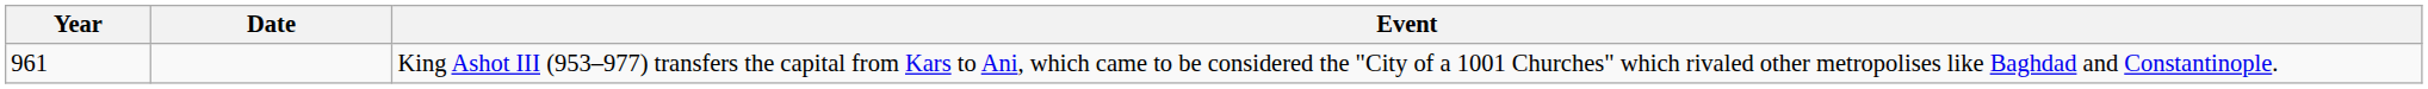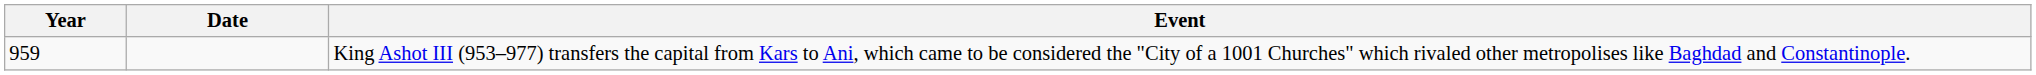 <table class="wikitable" width="100%">
 <tr>
 <th style="width:6%">Year</th>
 <th style="width:10%">Date</th>
 <th>Event</th>
 </tr>
 <tr>
-<td>961</td>
+<td>959</td>
 <td></td>
 <td>King <a href='#'>Ashot III</a> (953–977) transfers the capital from <a href='#'>Kars</a> to <a href='#'>Ani</a>, which came to be considered the "City of a 1001 Churches" which rivaled other metropolises like <a href='#'>Baghdad</a> and <a href='#'>Constantinople</a>.</td>
 </tr>
 </table>
